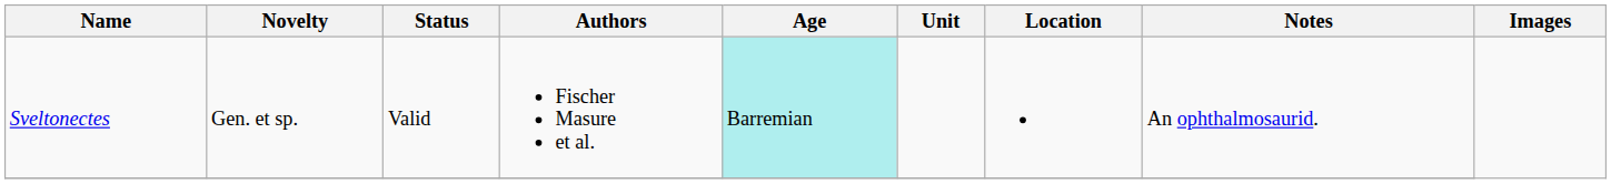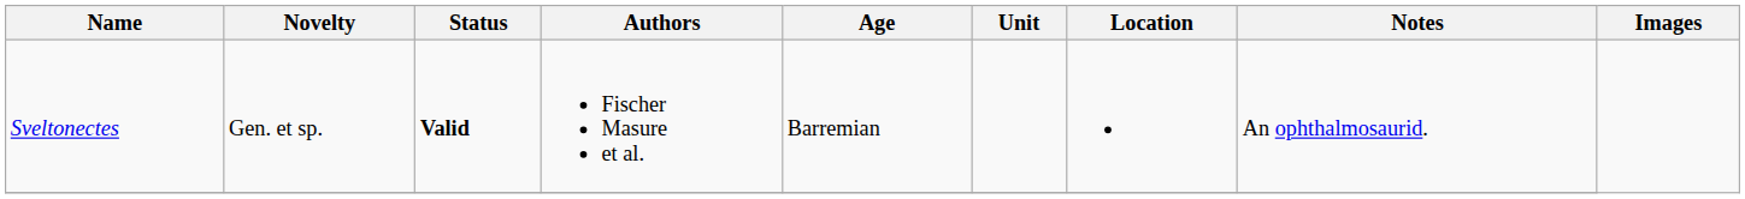 <table class="wikitable sortable" align="center" width="100%">
 <tr>
 <th>Name</th>
 <th>Novelty</th>
 <th>Status</th>
 <th>Authors</th>
 <th>Age</th>
 <th>Unit</th>
 <th>Location</th>
 <th>Notes</th>
 <th>Images</th>
 </tr>
 <tr>
 <td><br><em><a href='#'>Sveltonectes</a></em></td>
 <td><br>Gen. et sp.</td>
-<td><br>Valid</td>
+<td><strong><br>Valid</strong></td>
 <td><br><ul><li>Fischer</li><li>Masure</li><li>et al.</li></ul></td>
-<td style="background: paleturquoise;"><br>Barremian</td>
+<td><br>Barremian</td>
 <td></td>
 <td><br><ul><li></li></ul></td>
 <td><br>An <a href='#'>ophthalmosaurid</a>.</td>
 <td rowspan="99"></td>
 </tr>
 <tr>
 </tr>
 </table>
